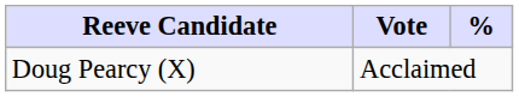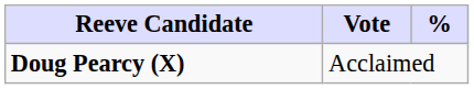 <table class="wikitable">
 <tr>
 <th style="background:#ddf; width:200px;">Reeve Candidate </th>
 <th style="background:#ddf; width:50px;">Vote</th>
 <th style="background:#ddf; width:30px;">%</th>
 </tr>
 <tr>
-<td>Doug Pearcy (X)</td>
+<td><strong>Doug Pearcy (X)</strong></td>
 <td colspan="2">Acclaimed</td>
 </tr>
 </table>
